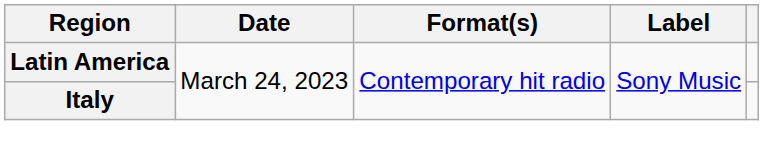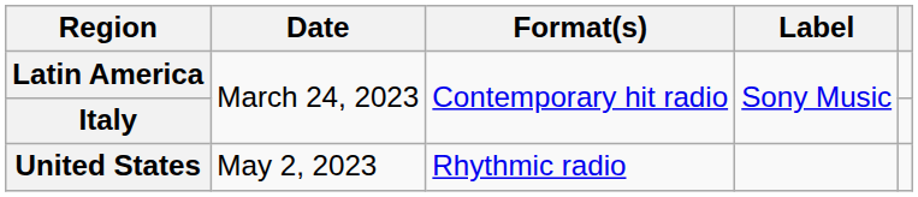 <table class="wikitable plainrowheaders" border="1">
 <tr>
 <th scope="col">Region</th>
 <th scope="col">Date</th>
 <th scope="col">Format(s)</th>
 <th scope="col">Label</th>
 <th scope="col"></th>
 </tr>
 <tr>
 <th scope="row">Latin America</th>
 <td rowspan="2">March 24, 2023</td>
 <td rowspan="2"><a href='#'>Contemporary hit radio</a></td>
 <td rowspan="2"><a href='#'>Sony Music</a></td>
 <td style="text-align:center;"></td>
 </tr>
 <tr>
 <th scope="row">Italy</th>
 <td style="text-align:center;"></td>
 </tr>
+<tr>
+<th scope="row">United States</th>
+<td>May 2, 2023</td>
+<td><a href='#'>Rhythmic radio</a></td>
+<td></td>
+<td style="text-align:center;"></td>
+</tr>
 </table>
